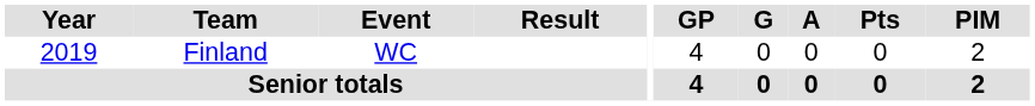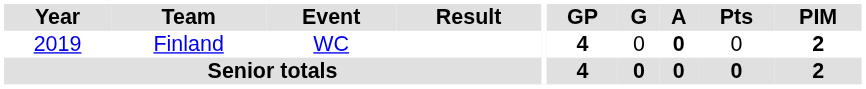 <table border="0" cellpadding="1" cellspacing="0" ID="Table3" style="text-align:center; width:40em">
 <tr ALIGN="center" bgcolor="#e0e0e0">
 <th>Year</th>
 <th>Team</th>
 <th>Event</th>
 <th>Result</th>
 <th rowspan="99" bgcolor="#ffffff"></th>
 <th>GP</th>
 <th>G</th>
 <th>A</th>
 <th>Pts</th>
 <th>PIM</th>
 </tr>
 <tr>
 <td><a href='#'>2019</a></td>
 <td><a href='#'>Finland</a></td>
 <td><a href='#'>WC</a></td>
 <td></td>
-<td>4</td>
+<td><strong>4</strong></td>
 <td>0</td>
+<td><strong>0</strong></td>
 <td>0</td>
-<td>0</td>
-<td>2</td>
+<td><strong>2</strong></td>
 </tr>
 <tr bgcolor="#e0e0e0">
 <th colspan="4">Senior totals</th>
 <th>4</th>
 <th>0</th>
 <th>0</th>
 <th>0</th>
 <th>2</th>
 </tr>
 </table>
